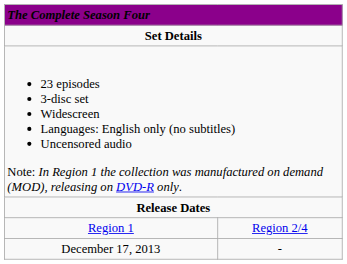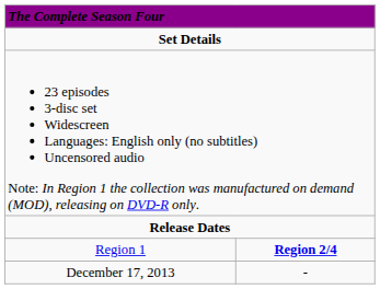 <table class="wikitable" style="font-size: 95%;">
 <tr>
 <td colspan="5" style="background:#8B008B; color: #00000; color:#000;"><strong><em>The Complete Season Four</em></strong></td>
 </tr>
 <tr valign="top">
 <td style="text-align:center; width:400px;" colspan="3"><strong>Set Details</strong></td>
 </tr>
 <tr valign="top">
 <td colspan="3"  style="text-align:left; width:400px;"><br><ul><li>23 episodes</li><li>3-disc set</li><li>Widescreen</li><li>Languages: English only (no subtitles)</li><li>Uncensored audio</li></ul>Note: <em>In Region 1 the collection was manufactured on demand (MOD), releasing on <a href='#'>DVD-R</a> only</em>.</td>
 </tr>
 <tr>
 <td colspan="3" style="text-align:center;"><strong>Release Dates</strong></td>
 </tr>
 <tr>
 <td style="text-align:center;"><a href='#'>Region 1</a></td>
-<td style="text-align:center;"><a href='#'>Region 2/4</a></td>
+<td style="text-align:center;"><strong><a href='#'>Region 2/4</a></strong></td>
 </tr>
 <tr style="text-align:center;">
 <td>December 17, 2013</td>
 <td>-</td>
 </tr>
 </table>
